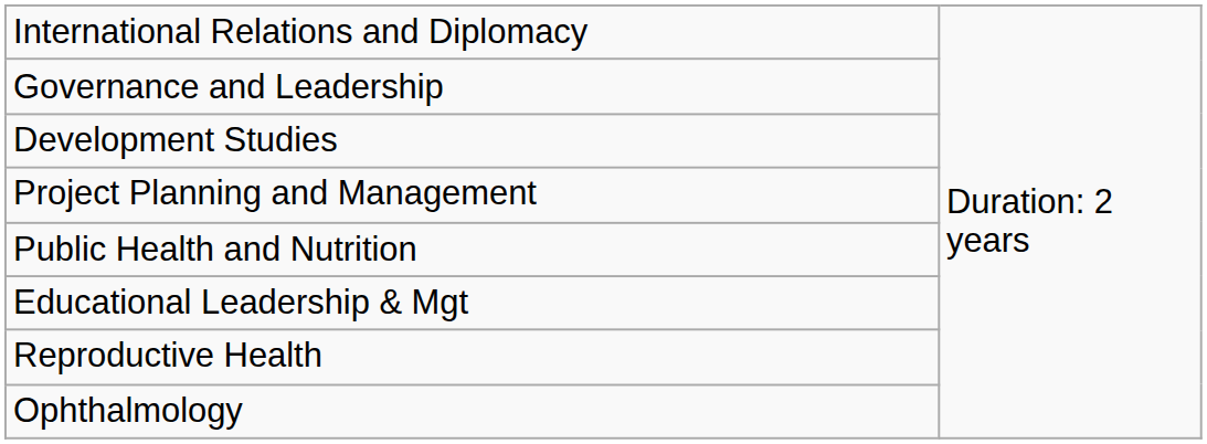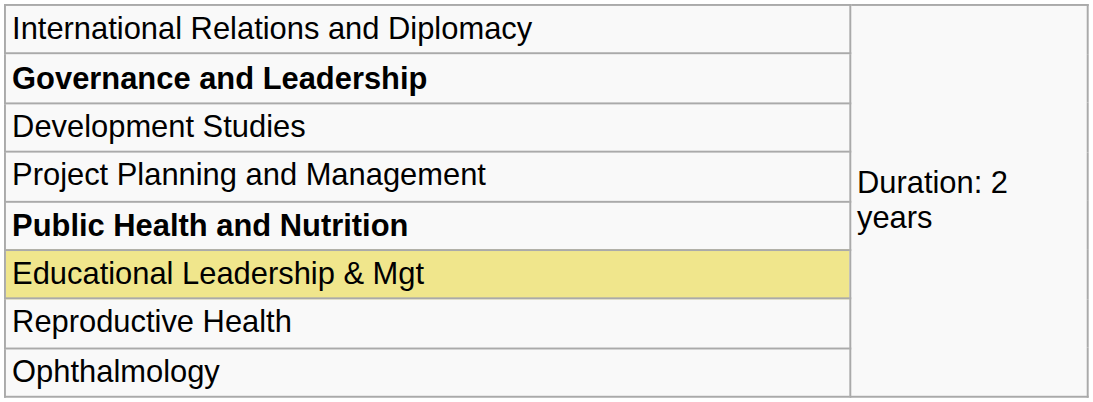 <table class="wikitable" width="562">
 <tr>
 <td width="444">International Relations and Diplomacy</td>
 <td rowspan="8" width="118">Duration: 2 years</td>
 </tr>
 <tr>
-<td width="444">Governance and Leadership</td>
+<td width="444"><strong>Governance and Leadership</strong></td>
 </tr>
 <tr>
 <td width="444">Development Studies</td>
 </tr>
 <tr>
 <td width="444">Project Planning and Management</td>
 </tr>
 <tr>
-<td width="444">Public Health and Nutrition</td>
+<td width="444"><strong>Public Health and Nutrition</strong></td>
 </tr>
 <tr>
-<td width="444">Educational Leadership & Mgt</td>
+<td width="444" style="background: khaki;">Educational Leadership & Mgt</td>
 </tr>
 <tr>
 <td width="444">Reproductive Health</td>
 </tr>
 <tr>
 <td width="444">Ophthalmology</td>
 </tr>
 </table>
